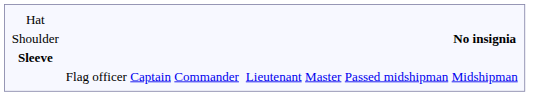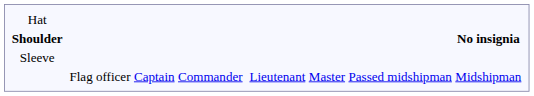 <table style="border:1px solid #8888aa; background-color:#f7f8ff; padding:5px; font-size:95%; margin: 0px 12px 12px 0px;">
 <tr style="text-align:center;">
 <td>Hat</td>
 <td colspan=4></td>
 <td colspan=6></td>
 <td colspan=2></td>
 <td colspan=2></td>
 <td colspan=2></td>
 <td colspan=2></td>
 <td colspan=3></td>
 <td colspan=2></td>
 <td colspan=12></td>
 </tr>
 <tr style="text-align:center;">
-<td>Shoulder</td>
+<td><strong>Shoulder</strong></td>
 <td colspan=4 rowspan=3></td>
 <td colspan=6></td>
 <td colspan=2></td>
 <td colspan=2></td>
 <td colspan=2 rowspan=3></td>
 <td colspan=2></td>
 <td colspan=3></td>
 <td colspan=3></td>
 <td colspan=12><strong>No insignia</strong></td>
 </tr>
 <tr style="text-align:center;">
-<td><strong>Sleeve</strong></td>
+<td>Sleeve</td>
 <td colspan=6></td>
 <td colspan=2></td>
 <td colspan=2></td>
 <td colspan=2></td>
 <td colspan=3></td>
 <td colspan=3></td>
 <td colspan=12></td>
 </tr>
 <tr style="text-align:center;">
 <td></td>
 <td colspan=6>Flag officer</td>
 <td colspan=2><a href='#'>Captain</a></td>
 <td colspan=2><a href='#'>Commander</a></td>
 <td colspan=2><a href='#'>Lieutenant</a></td>
 <td colspan=3><a href='#'>Master</a></td>
 <td colspan=3><a href='#'>Passed midshipman</a></td>
 <td colspan=12><a href='#'>Midshipman</a></td>
 </tr>
 </table>
